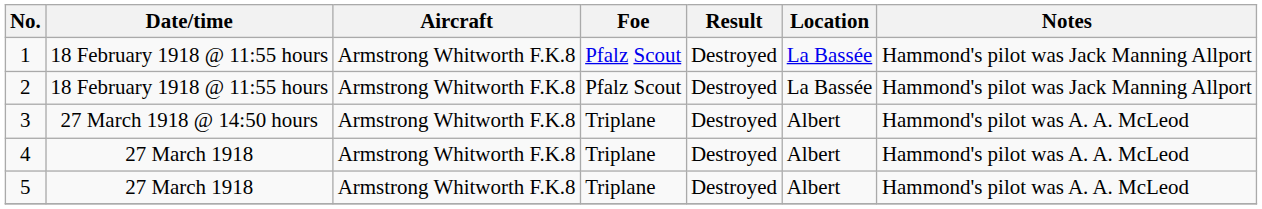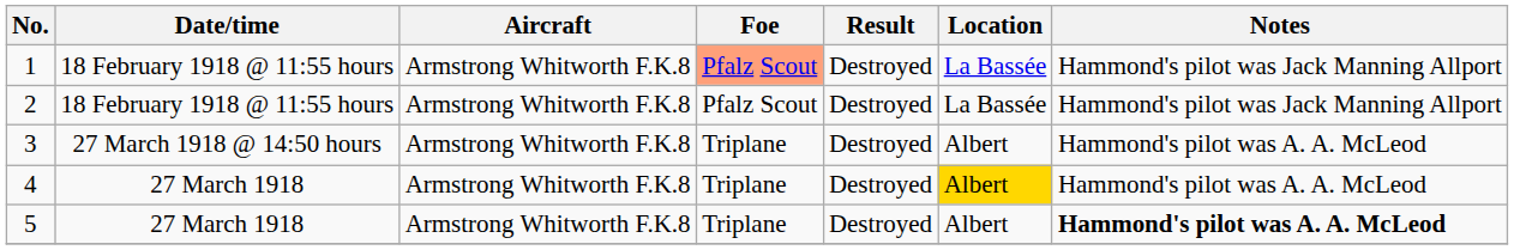 <table class="wikitable" border="1" style="margin: 1em auto 1em auto">
 <tr>
 <th>No.</th>
 <th>Date/time</th>
 <th>Aircraft</th>
 <th>Foe</th>
 <th>Result</th>
 <th>Location</th>
 <th>Notes</th>
 </tr>
 <tr>
 <td align="center">1</td>
 <td align="center">18 February 1918 @ 11:55 hours</td>
 <td>Armstrong Whitworth F.K.8</td>
-<td><a href='#'>Pfalz</a> <a href='#'>Scout</a></td>
+<td style="background: lightsalmon;"><a href='#'>Pfalz</a> <a href='#'>Scout</a></td>
 <td>Destroyed</td>
 <td><a href='#'>La Bassée</a></td>
 <td>Hammond's pilot was Jack Manning Allport</td>
 </tr>
 <tr>
 <td align="center">2</td>
 <td align="center">18 February 1918 @ 11:55 hours</td>
 <td>Armstrong Whitworth F.K.8</td>
 <td>Pfalz Scout</td>
 <td>Destroyed</td>
 <td>La Bassée</td>
 <td>Hammond's pilot was Jack Manning Allport</td>
 </tr>
 <tr>
 <td align="center">3</td>
 <td align="center">27 March 1918 @ 14:50 hours</td>
 <td>Armstrong Whitworth F.K.8</td>
 <td>Triplane</td>
 <td>Destroyed</td>
 <td>Albert</td>
 <td>Hammond's pilot was A. A. McLeod</td>
 </tr>
 <tr>
 <td align="center">4</td>
 <td align="center">27 March 1918</td>
 <td>Armstrong Whitworth F.K.8</td>
 <td>Triplane</td>
 <td>Destroyed</td>
-<td>Albert</td>
+<td style="background: gold;">Albert</td>
 <td>Hammond's pilot was A. A. McLeod</td>
 </tr>
 <tr>
 <td align="center">5</td>
 <td align="center">27 March 1918</td>
 <td>Armstrong Whitworth F.K.8</td>
 <td>Triplane</td>
 <td>Destroyed</td>
 <td>Albert</td>
-<td>Hammond's pilot was A. A. McLeod</td>
+<td><strong>Hammond's pilot was A. A. McLeod</strong></td>
 </tr>
 <tr>
 </tr>
 </table>
